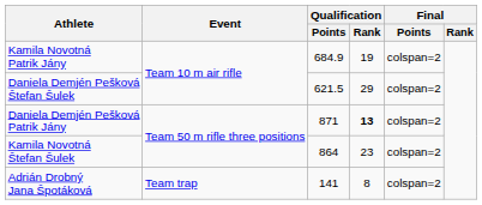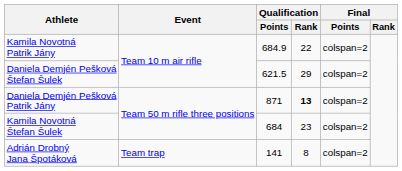 <table class="wikitable" style="font-size:90%">
 <tr>
 <th rowspan="2">Athlete</th>
 <th rowspan="2">Event</th>
 <th colspan=2>Qualification</th>
 <th colspan=2>Final</th>
 </tr>
 <tr style="font-size:95%">
 <th>Points</th>
 <th>Rank</th>
 <th>Points</th>
 <th>Rank</th>
 </tr>
 <tr align=center>
 <td align=left><a href='#'>Kamila Novotná</a><br><a href='#'>Patrik Jány</a></td>
 <td align=left rowspan=2><a href='#'>Team 10 m air rifle</a></td>
 <td>684.9</td>
-<td>19</td>
+<td>22</td>
 <td>colspan=2 </td>
 </tr>
 <tr align=center>
 <td align=left><a href='#'>Daniela Demjén Pešková</a><br><a href='#'>Štefan Šulek</a></td>
 <td>621.5</td>
 <td>29</td>
 <td>colspan=2 </td>
 </tr>
 <tr align=center>
 <td align=left><a href='#'>Daniela Demjén Pešková</a><br><a href='#'>Patrik Jány</a></td>
 <td align=left rowspan=2><a href='#'>Team 50 m rifle three positions</a></td>
 <td>871</td>
 <td><strong>13</strong></td>
 <td>colspan=2 </td>
 </tr>
 <tr align=center>
 <td align=left><a href='#'>Kamila Novotná</a><br><a href='#'>Štefan Šulek</a></td>
-<td>864</td>
+<td>684</td>
 <td>23</td>
 <td>colspan=2 </td>
 </tr>
 <tr align=center>
 <td align=left><a href='#'>Adrián Drobný</a><br><a href='#'>Jana Špotáková</a></td>
 <td align=left><a href='#'>Team trap</a></td>
 <td>141</td>
 <td>8</td>
 <td>colspan=2 </td>
 </tr>
 </table>
